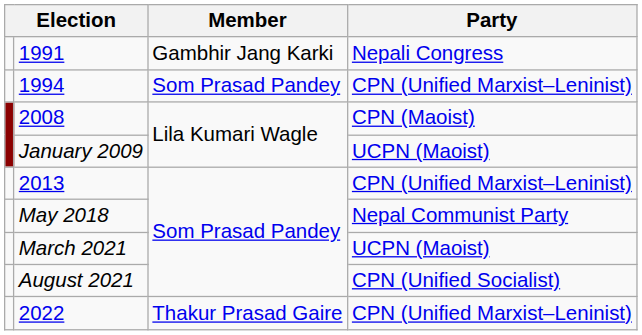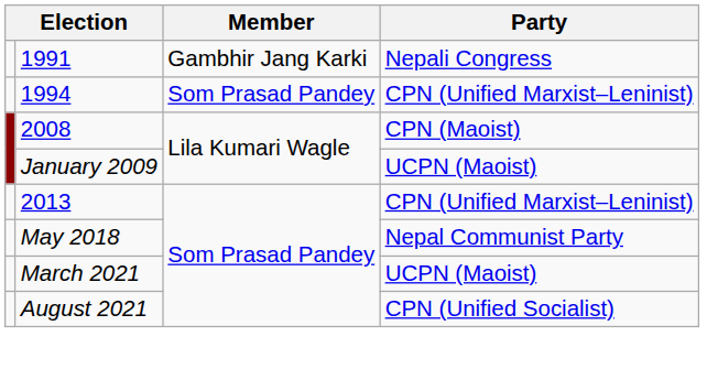 <table class="wikitable">
 <tr>
 <th colspan="2">Election</th>
 <th>Member</th>
 <th>Party</th>
 </tr>
 <tr>
 <td style="background-color:"></td>
 <td><a href='#'>1991</a></td>
 <td>Gambhir Jang Karki</td>
 <td><a href='#'>Nepali Congress</a></td>
 </tr>
 <tr>
 <td style="background-color:"></td>
 <td><a href='#'>1994</a></td>
 <td><a href='#'>Som Prasad Pandey</a></td>
 <td><a href='#'>CPN (Unified Marxist–Leninist)</a></td>
 </tr>
 <tr>
 <td rowspan="2" style="background-color:darkred"></td>
 <td><a href='#'>2008</a></td>
 <td rowspan="2">Lila Kumari Wagle</td>
 <td><a href='#'>CPN (Maoist)</a></td>
 </tr>
 <tr>
 <td><em>January 2009</em></td>
 <td><a href='#'>UCPN (Maoist)</a></td>
 </tr>
 <tr>
 <td style="background-color:"></td>
 <td><a href='#'>2013</a></td>
 <td rowspan="4"><a href='#'>Som Prasad Pandey</a></td>
 <td><a href='#'>CPN (Unified Marxist–Leninist)</a></td>
 </tr>
 <tr>
 <td style="background-color:"></td>
 <td><em>May 2018</em></td>
 <td><a href='#'>Nepal Communist Party</a></td>
 </tr>
 <tr>
 <td style="background-color:"></td>
 <td><em>March 2021</em></td>
 <td><a href='#'>UCPN (Maoist)</a></td>
 </tr>
 <tr>
 <td style="background-color:"></td>
 <td><em>August 2021</em></td>
 <td><a href='#'>CPN (Unified Socialist)</a></td>
 </tr>
-<tr>
-<td></td>
-<td><a href='#'>2022</a></td>
-<td><a href='#'>Thakur Prasad Gaire</a></td>
-<td><a href='#'>CPN (Unified Marxist–Leninist)</a></td>
-</tr>
 </table>
